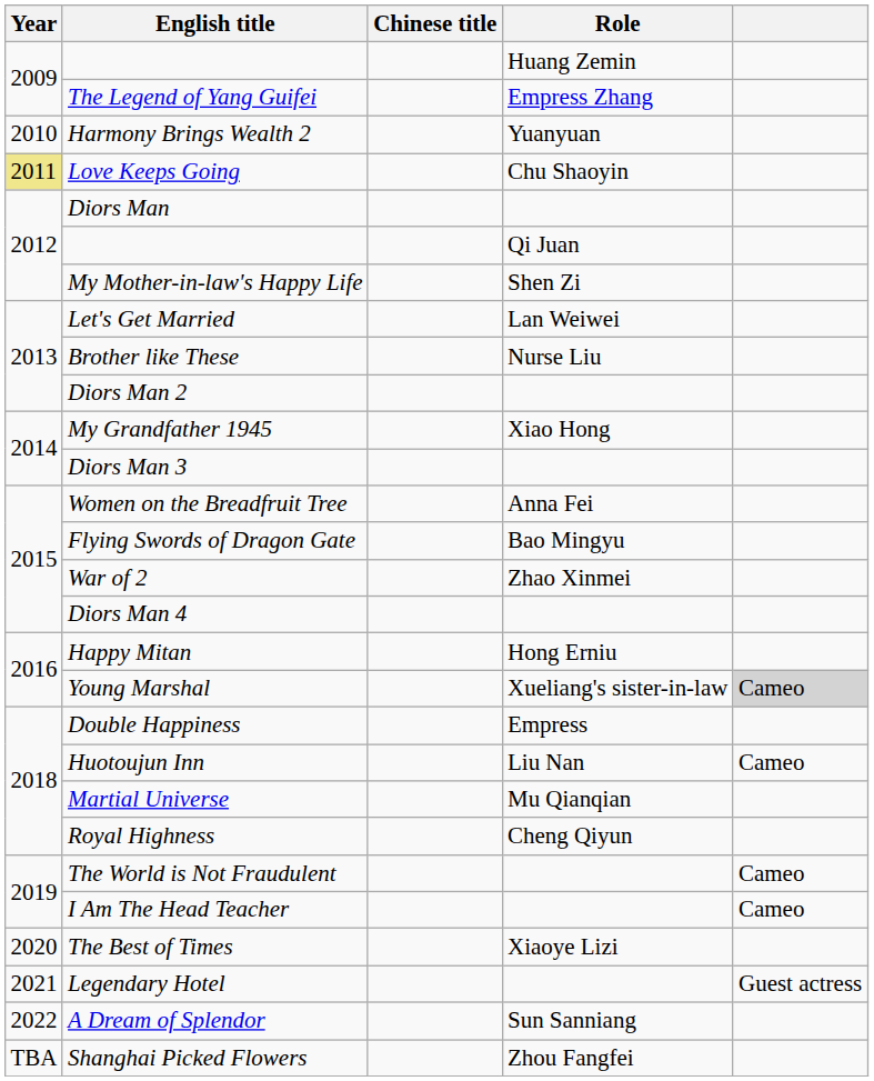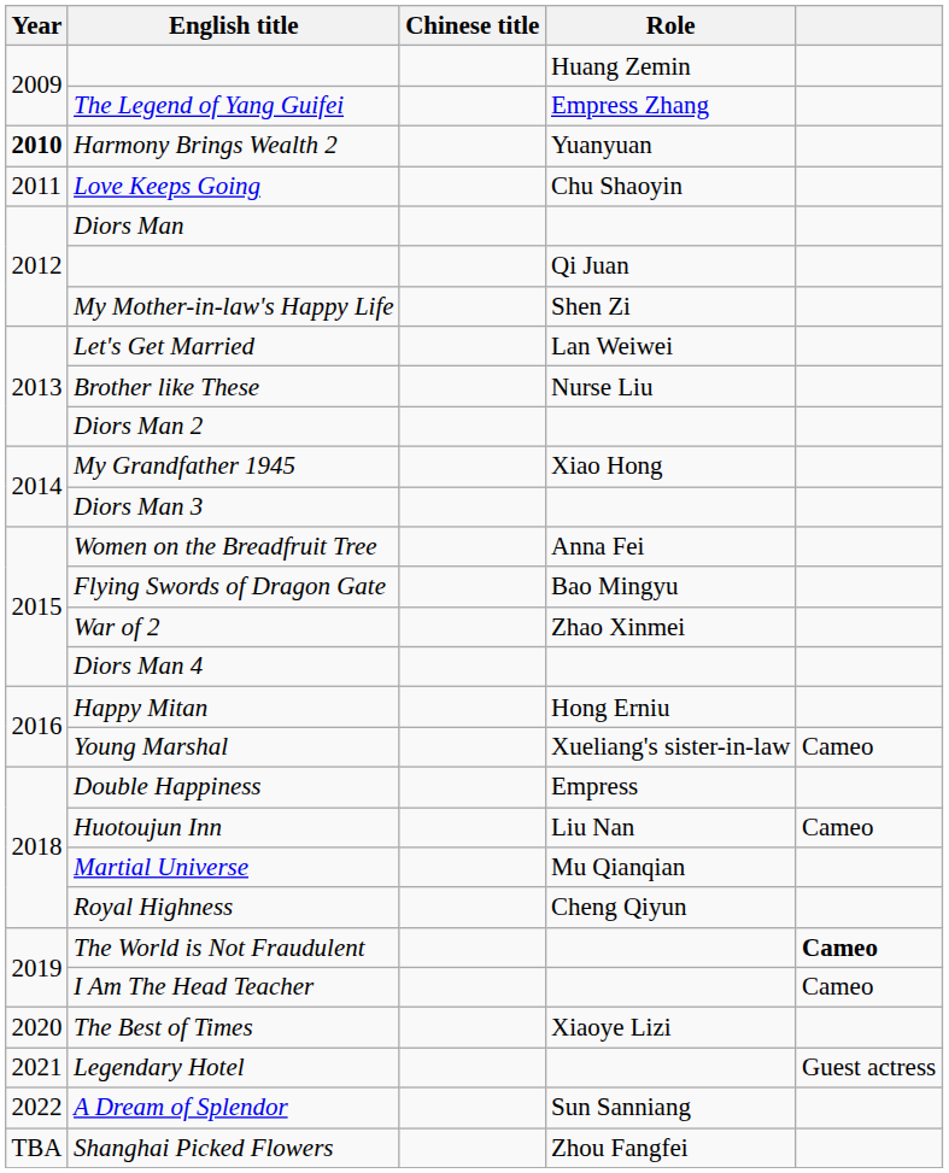 <table class="wikitable">
 <tr>
 <th>Year</th>
 <th>English title</th>
 <th>Chinese title</th>
 <th>Role</th>
 <th></th>
 </tr>
 <tr>
 <td rowspan="2">2009</td>
 <td></td>
 <td></td>
 <td>Huang Zemin</td>
 <td></td>
 </tr>
 <tr>
 <td><em><a href='#'>The Legend of Yang Guifei</a></em></td>
 <td></td>
 <td><a href='#'>Empress Zhang</a></td>
 <td></td>
 </tr>
 <tr>
-<td>2010</td>
+<td><strong>2010</strong></td>
 <td><em>Harmony Brings Wealth 2</em></td>
 <td></td>
 <td>Yuanyuan</td>
 <td></td>
 </tr>
 <tr>
-<td style="background: khaki;">2011</td>
+<td>2011</td>
 <td><em><a href='#'>Love Keeps Going</a></em></td>
 <td></td>
 <td>Chu Shaoyin</td>
 <td></td>
 </tr>
 <tr>
 <td rowspan="3">2012</td>
 <td><em>Diors Man</em></td>
 <td></td>
 <td></td>
 <td></td>
 </tr>
 <tr>
 <td></td>
 <td></td>
 <td>Qi Juan</td>
 <td></td>
 </tr>
 <tr>
 <td><em>My Mother-in-law's Happy Life</em></td>
 <td></td>
 <td>Shen Zi</td>
 <td></td>
 </tr>
 <tr>
 <td rowspan="3">2013</td>
 <td><em>Let's Get Married</em></td>
 <td></td>
 <td>Lan Weiwei</td>
 <td></td>
 </tr>
 <tr>
 <td><em>Brother like These</em></td>
 <td></td>
 <td>Nurse Liu</td>
 <td></td>
 </tr>
 <tr>
 <td><em>Diors Man 2</em></td>
 <td></td>
 <td></td>
 <td></td>
 </tr>
 <tr>
 <td rowspan="2">2014</td>
 <td><em>My Grandfather 1945</em></td>
 <td></td>
 <td>Xiao Hong</td>
 <td></td>
 </tr>
 <tr>
 <td><em>Diors Man 3</em></td>
 <td></td>
 <td></td>
 <td></td>
 </tr>
 <tr>
 <td rowspan="4">2015</td>
 <td><em>Women on the Breadfruit Tree</em></td>
 <td></td>
 <td>Anna Fei</td>
 <td></td>
 </tr>
 <tr>
 <td><em>Flying Swords of Dragon Gate</em></td>
 <td></td>
 <td>Bao Mingyu</td>
 <td></td>
 </tr>
 <tr>
 <td><em>War of 2</em></td>
 <td></td>
 <td>Zhao Xinmei</td>
 <td></td>
 </tr>
 <tr>
 <td><em>Diors Man 4</em></td>
 <td></td>
 <td></td>
 <td></td>
 </tr>
 <tr>
 <td rowspan=2>2016</td>
 <td><em>Happy Mitan</em></td>
 <td></td>
 <td>Hong Erniu</td>
 <td></td>
 </tr>
 <tr>
 <td><em>Young Marshal</em></td>
 <td></td>
 <td>Xueliang's sister-in-law</td>
-<td style="background: lightgrey;">Cameo</td>
+<td>Cameo</td>
 </tr>
 <tr>
 <td rowspan="4">2018</td>
 <td><em>Double Happiness</em></td>
 <td></td>
 <td>Empress</td>
 <td></td>
 </tr>
 <tr>
 <td><em>Huotoujun Inn</em></td>
 <td></td>
 <td>Liu Nan</td>
 <td>Cameo</td>
 </tr>
 <tr>
 <td><em><a href='#'>Martial Universe</a></em></td>
 <td></td>
 <td>Mu Qianqian</td>
 <td></td>
 </tr>
 <tr>
 <td><em>Royal Highness</em></td>
 <td></td>
 <td>Cheng Qiyun</td>
 <td></td>
 </tr>
 <tr>
 <td rowspan="2">2019</td>
 <td><em>The World is Not Fraudulent</em></td>
 <td></td>
 <td></td>
-<td>Cameo</td>
+<td><strong>Cameo</strong></td>
 </tr>
 <tr>
 <td><em>I Am The Head Teacher</em></td>
 <td></td>
 <td></td>
 <td>Cameo</td>
 </tr>
 <tr>
 <td>2020</td>
 <td><em>The Best of Times</em></td>
 <td></td>
 <td>Xiaoye Lizi</td>
 <td></td>
 </tr>
 <tr>
 <td>2021</td>
 <td><em>Legendary Hotel</em></td>
 <td></td>
 <td></td>
 <td>Guest actress</td>
 </tr>
 <tr>
 <td>2022</td>
 <td><em><a href='#'>A Dream of Splendor</a></em></td>
 <td></td>
 <td>Sun Sanniang</td>
 <td></td>
 </tr>
 <tr>
 <td rowspan="2">TBA</td>
 <td><em>Shanghai Picked Flowers</em></td>
 <td></td>
 <td>Zhou Fangfei</td>
 <td></td>
 </tr>
 <tr>
 </tr>
 </table>
